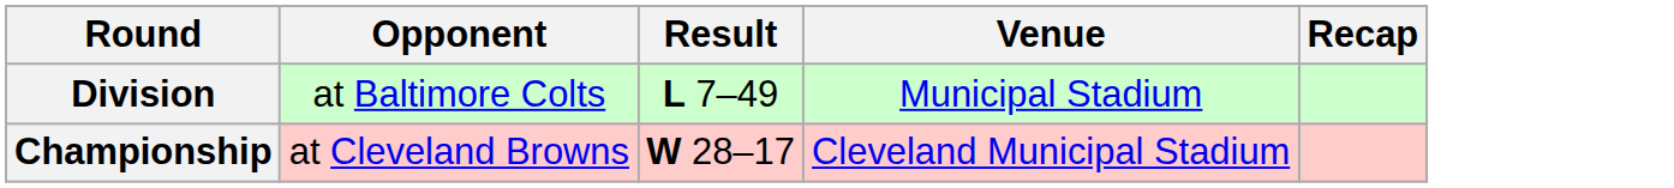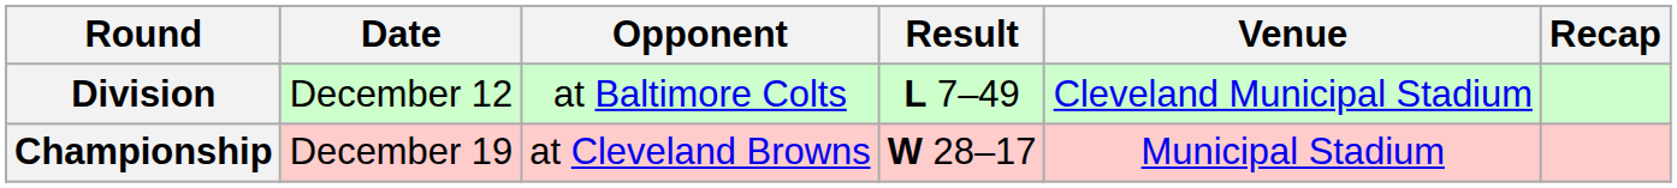 <table class="wikitable" style="text-align:center">
 <tr>
 <th>Round</th>
+<th>Date</th>
 <th>Opponent</th>
 <th>Result</th>
 <th>Venue</th>
 <th>Recap</th>
 </tr>
 <tr style="background:#cfc">
 <th>Division</th>
+<td>December 12</td>
 <td>at <a href='#'>Baltimore Colts</a></td>
 <td><strong>L</strong> 7–49</td>
-<td><a href='#'>Municipal Stadium</a></td>
+<td><a href='#'>Cleveland Municipal Stadium</a></td>
 <td></td>
 </tr>
 <tr style="background:#fcc">
 <th>Championship</th>
+<td>December 19</td>
 <td>at <a href='#'>Cleveland Browns</a></td>
 <td><strong>W</strong> 28–17</td>
-<td><a href='#'>Cleveland Municipal Stadium</a></td>
+<td><a href='#'>Municipal Stadium</a></td>
 <td></td>
 </tr>
 </table>
